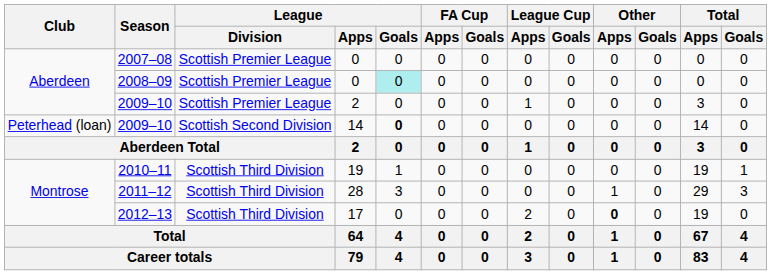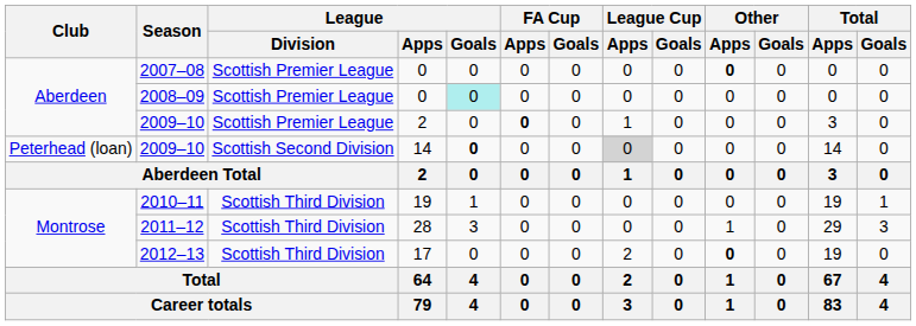 <table class="wikitable" style="text-align: center;">
 <tr>
 <th rowspan="2">Club</th>
 <th rowspan="2">Season</th>
 <th colspan="3">League</th>
 <th colspan="2">FA Cup</th>
 <th colspan="2">League Cup</th>
 <th colspan="2">Other</th>
 <th colspan="2">Total</th>
 </tr>
 <tr>
 <th>Division</th>
 <th>Apps</th>
 <th>Goals</th>
 <th>Apps</th>
 <th>Goals</th>
 <th>Apps</th>
 <th>Goals</th>
 <th>Apps</th>
 <th>Goals</th>
 <th>Apps</th>
 <th>Goals</th>
 </tr>
 <tr>
 <td rowspan="3" valign="center"><a href='#'>Aberdeen</a></td>
 <td><a href='#'>2007–08</a></td>
 <td><a href='#'>Scottish Premier League</a></td>
 <td>0</td>
 <td>0</td>
 <td>0</td>
 <td>0</td>
 <td>0</td>
 <td>0</td>
-<td>0</td>
+<td><strong>0</strong></td>
 <td>0</td>
 <td>0</td>
 <td>0</td>
 </tr>
 <tr>
 <td><a href='#'>2008–09</a></td>
 <td><a href='#'>Scottish Premier League</a></td>
 <td>0</td>
 <td style="background: paleturquoise;">0</td>
 <td>0</td>
 <td>0</td>
 <td>0</td>
 <td>0</td>
 <td>0</td>
 <td>0</td>
 <td>0</td>
 <td>0</td>
 </tr>
 <tr>
 <td><a href='#'>2009–10</a></td>
 <td><a href='#'>Scottish Premier League</a></td>
 <td>2</td>
 <td>0</td>
-<td>0</td>
+<td><strong>0</strong></td>
 <td>0</td>
 <td>1</td>
 <td>0</td>
 <td>0</td>
 <td>0</td>
 <td>3</td>
 <td>0</td>
 </tr>
 <tr>
 <td rowspan="1" valign="center"><a href='#'>Peterhead</a> (loan)</td>
 <td><a href='#'>2009–10</a></td>
 <td><a href='#'>Scottish Second Division</a></td>
 <td>14</td>
 <td><strong>0</strong></td>
 <td>0</td>
 <td>0</td>
-<td>0</td>
+<td style="background: lightgrey;">0</td>
 <td>0</td>
 <td>0</td>
 <td>0</td>
 <td>14</td>
 <td>0</td>
 </tr>
 <tr>
 <th colspan="3">Aberdeen Total</th>
 <th>2</th>
 <th>0</th>
 <th>0</th>
 <th>0</th>
 <th>1</th>
 <th>0</th>
 <th>0</th>
 <th>0</th>
 <th>3</th>
 <th>0</th>
 </tr>
 <tr>
 <td rowspan="3" valign="center"><a href='#'>Montrose</a></td>
 <td><a href='#'>2010–11</a></td>
 <td><a href='#'>Scottish Third Division</a></td>
 <td>19</td>
 <td>1</td>
 <td>0</td>
 <td>0</td>
 <td>0</td>
 <td>0</td>
 <td>0</td>
 <td>0</td>
 <td>19</td>
 <td>1</td>
 </tr>
 <tr>
 <td><a href='#'>2011–12</a></td>
 <td><a href='#'>Scottish Third Division</a></td>
 <td>28</td>
 <td>3</td>
 <td>0</td>
 <td>0</td>
 <td>0</td>
 <td>0</td>
 <td>1</td>
 <td>0</td>
 <td>29</td>
 <td>3</td>
 </tr>
 <tr>
 <td><a href='#'>2012–13</a></td>
 <td><a href='#'>Scottish Third Division</a></td>
 <td>17</td>
 <td>0</td>
 <td>0</td>
 <td>0</td>
 <td>2</td>
 <td>0</td>
 <td><strong>0</strong></td>
 <td>0</td>
 <td>19</td>
 <td>0</td>
 </tr>
 <tr>
 <th colspan="3">Total</th>
 <th>64</th>
 <th>4</th>
 <th>0</th>
 <th>0</th>
 <th>2</th>
 <th>0</th>
 <th>1</th>
 <th>0</th>
 <th>67</th>
 <th>4</th>
 </tr>
 <tr>
 <th colspan="3">Career totals</th>
 <th>79</th>
 <th>4</th>
 <th>0</th>
 <th>0</th>
 <th>3</th>
 <th>0</th>
 <th>1</th>
 <th>0</th>
 <th>83</th>
 <th>4</th>
 </tr>
 </table>
